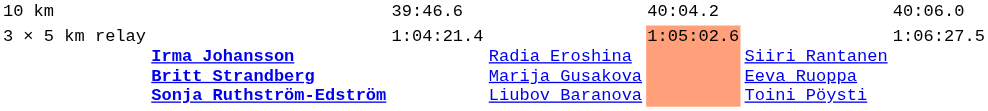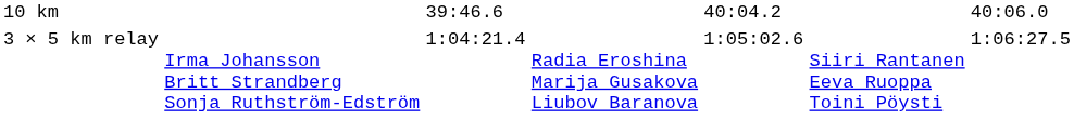 <table>
 <tr valign="top">
 <td>10 km<br></td>
 <td></td>
 <td>39:46.6</td>
 <td></td>
 <td>40:04.2</td>
 <td></td>
 <td>40:06.0</td>
 </tr>
 <tr valign="top">
 <td>3 × 5 km relay<br></td>
-<td><strong><br><a href='#'>Irma Johansson</a><br><a href='#'>Britt Strandberg</a><br><a href='#'>Sonja Ruthström-Edström</a></strong></td>
+<td><br><a href='#'>Irma Johansson</a><br><a href='#'>Britt Strandberg</a><br><a href='#'>Sonja Ruthström-Edström</a></td>
 <td>1:04:21.4</td>
 <td><br><a href='#'>Radia Eroshina</a><br><a href='#'>Marija Gusakova</a><br><a href='#'>Liubov Baranova</a></td>
-<td style="background: lightsalmon;">1:05:02.6</td>
+<td>1:05:02.6</td>
 <td><br><a href='#'>Siiri Rantanen</a><br><a href='#'>Eeva Ruoppa</a><br><a href='#'>Toini Pöysti</a></td>
 <td>1:06:27.5</td>
 </tr>
 </table>
